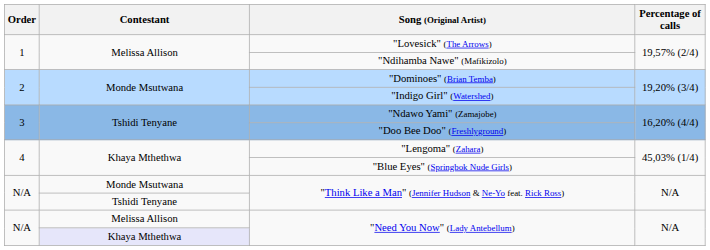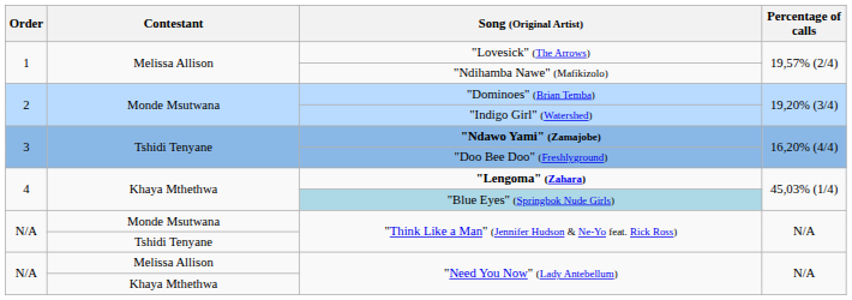 <table class="wikitable" style="font-size:90%; width:75%; text-align: center;">
 <tr>
 <th width="05%">Order</th>
 <th width="30%">Contestant</th>
 <th width="55%">Song <small>(Original Artist)</small></th>
 <th width="15%">Percentage of calls</th>
 </tr>
 <tr>
 <td rowspan=2>1</td>
 <td rowspan=2>Melissa Allison</td>
 <td>"Lovesick" <small>(<a href='#'>The Arrows</a>)</small></td>
 <td rowspan=2>19,57% (2/4)</td>
 </tr>
 <tr>
 <td>"Ndihamba Nawe" <small>(Mafikizolo)</small></td>
 </tr>
 <tr bgcolor="B8DBFF">
 <td rowspan=2>2</td>
 <td rowspan=2>Monde Msutwana</td>
 <td>"Dominoes" <small>(<a href='#'>Brian Temba</a>)</small></td>
 <td rowspan=2>19,20% (3/4)</td>
 </tr>
 <tr bgcolor="B8DBFF">
 <td>"Indigo Girl" <small>(<a href='#'>Watershed</a>)</small></td>
 </tr>
 <tr bgcolor="#8AB8E6">
 <td rowspan=2>3</td>
 <td rowspan=2>Tshidi Tenyane</td>
-<td>"Ndawo Yami" <small>(Zamajobe)</small></td>
+<td><strong>"Ndawo Yami" <small>(Zamajobe)</small></strong></td>
 <td rowspan=2>16,20% (4/4)</td>
 </tr>
 <tr bgcolor="#8AB8E6">
 <td>"Doo Bee Doo" <small>(<a href='#'>Freshlyground</a>)</small></td>
 </tr>
 <tr>
 <td rowspan=2>4</td>
 <td rowspan=2>Khaya Mthethwa</td>
-<td>"Lengoma" <small>(<a href='#'>Zahara</a>)</small></td>
+<td><strong>"Lengoma" <small>(<a href='#'>Zahara</a>)</small></strong></td>
 <td rowspan=2>45,03% (1/4)</td>
 </tr>
 <tr>
-<td>"Blue Eyes" <small>(<a href='#'>Springbok Nude Girls</a>)</small></td>
+<td style="background: lightblue;">"Blue Eyes" <small>(<a href='#'>Springbok Nude Girls</a>)</small></td>
 </tr>
 <tr>
 <td rowspan=2>N/A</td>
 <td>Monde Msutwana</td>
 <td rowspan=2>"<a href='#'>Think Like a Man</a>" <small>(<a href='#'>Jennifer Hudson</a> & <a href='#'>Ne-Yo</a> feat. <a href='#'>Rick Ross</a>)</small></td>
 <td rowspan=2>N/A</td>
 </tr>
 <tr>
 <td>Tshidi Tenyane</td>
 </tr>
 <tr>
 <td rowspan=2>N/A</td>
 <td>Melissa Allison</td>
 <td rowspan=2>"<a href='#'>Need You Now</a>" <small>(<a href='#'>Lady Antebellum</a>)</small></td>
 <td rowspan=2>N/A</td>
 </tr>
 <tr>
-<td style="background: lavender;">Khaya Mthethwa</td>
+<td>Khaya Mthethwa</td>
 </tr>
 </table>
